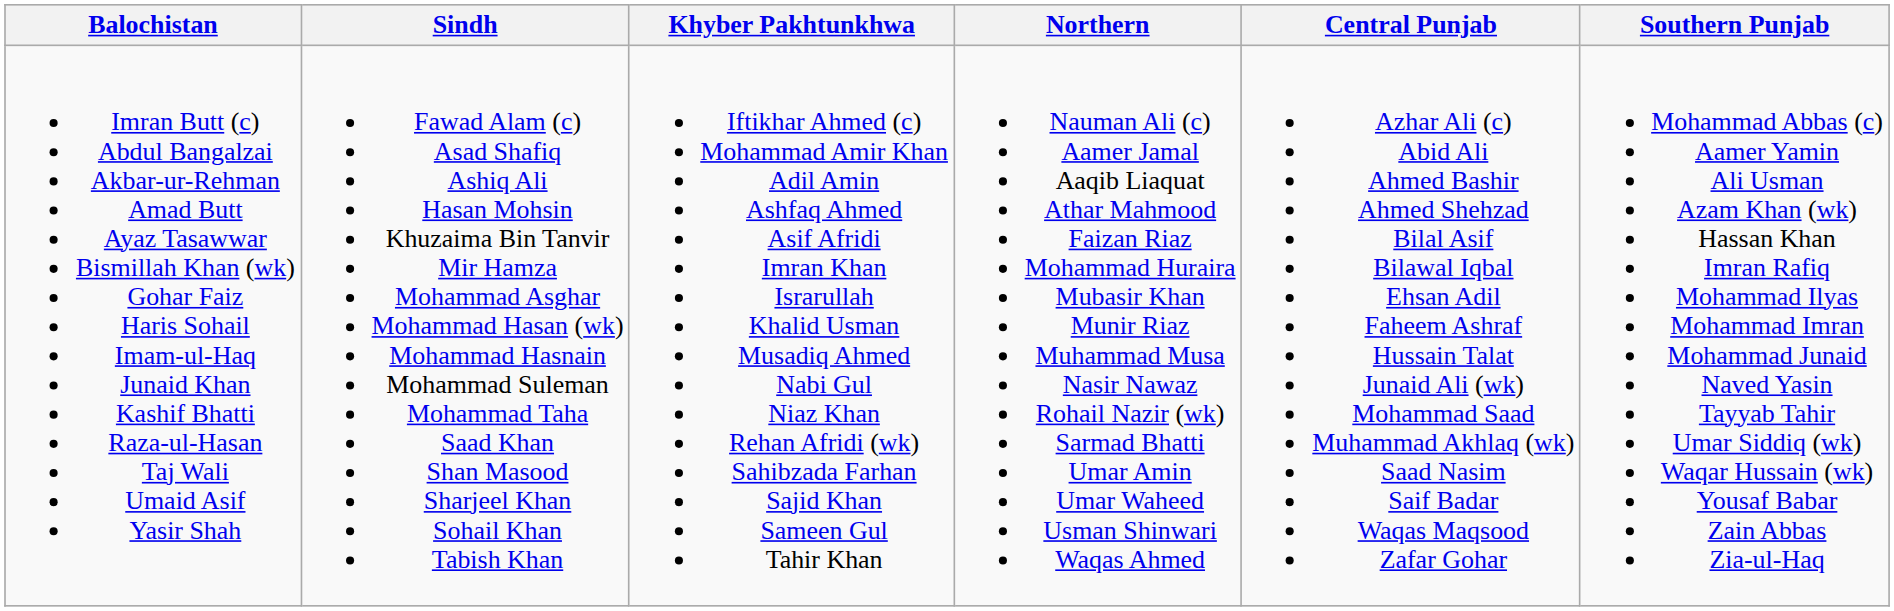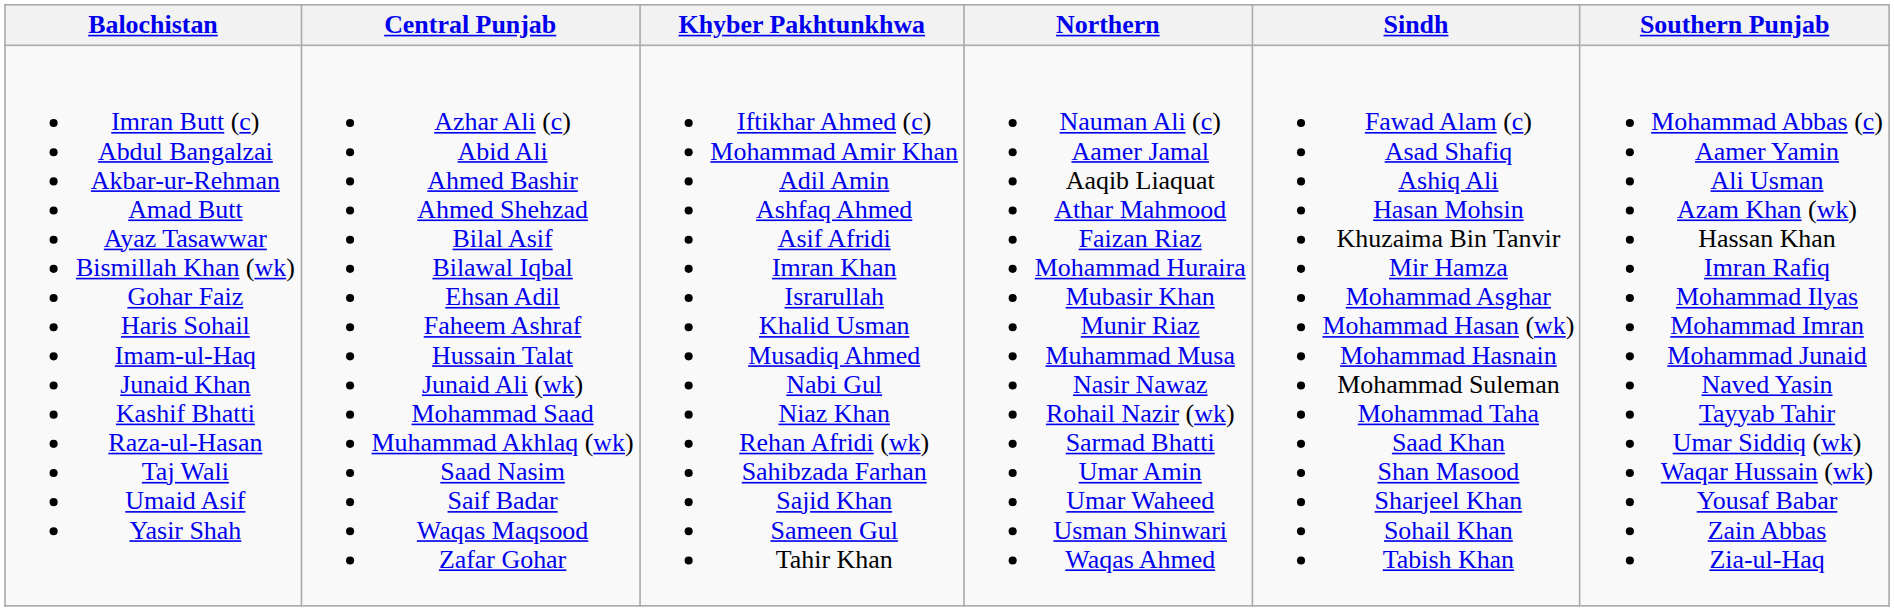 <table class="wikitable" style="text-align:center; margin:auto">
 <tr>
 <th><a href='#'>Balochistan</a></th>
-<th><a href='#'>Sindh</a></th>
+<th><a href='#'>Central Punjab</a></th>
 <th><a href='#'>Khyber Pakhtunkhwa</a></th>
 <th><a href='#'>Northern</a></th>
-<th><a href='#'>Central Punjab</a></th>
+<th><a href='#'>Sindh</a></th>
 <th><a href='#'>Southern Punjab</a></th>
 </tr>
 <tr style="vertical-align:top">
 <td><br><ul><li><a href='#'>Imran Butt</a> (<a href='#'>c</a>)</li><li><a href='#'>Abdul Bangalzai</a></li><li><a href='#'>Akbar-ur-Rehman</a></li><li><a href='#'>Amad Butt</a></li><li><a href='#'>Ayaz Tasawwar</a></li><li><a href='#'>Bismillah Khan</a> (<a href='#'>wk</a>)</li><li><a href='#'>Gohar Faiz</a></li><li><a href='#'>Haris Sohail</a></li><li><a href='#'>Imam-ul-Haq</a></li><li><a href='#'>Junaid Khan</a></li><li><a href='#'>Kashif Bhatti</a></li><li><a href='#'>Raza-ul-Hasan</a></li><li><a href='#'>Taj Wali</a></li><li><a href='#'>Umaid Asif</a></li><li><a href='#'>Yasir Shah</a></li></ul></td>
-<td><br><ul><li><a href='#'>Fawad Alam</a> (<a href='#'>c</a>)</li><li><a href='#'>Asad Shafiq</a></li><li><a href='#'>Ashiq Ali</a></li><li><a href='#'>Hasan Mohsin</a></li><li>Khuzaima Bin Tanvir</li><li><a href='#'>Mir Hamza</a></li><li><a href='#'>Mohammad Asghar</a></li><li><a href='#'>Mohammad Hasan</a> (<a href='#'>wk</a>)</li><li><a href='#'>Mohammad Hasnain</a></li><li>Mohammad Suleman</li><li><a href='#'>Mohammad Taha</a></li><li><a href='#'>Saad Khan</a></li><li><a href='#'>Shan Masood</a></li><li><a href='#'>Sharjeel Khan</a></li><li><a href='#'>Sohail Khan</a></li><li><a href='#'>Tabish Khan</a></li></ul></td>
+<td><br><ul><li><a href='#'>Azhar Ali</a> (<a href='#'>c</a>)</li><li><a href='#'>Abid Ali</a></li><li><a href='#'>Ahmed Bashir</a></li><li><a href='#'>Ahmed Shehzad</a></li><li><a href='#'>Bilal Asif</a></li><li><a href='#'>Bilawal Iqbal</a></li><li><a href='#'>Ehsan Adil</a></li><li><a href='#'>Faheem Ashraf</a></li><li><a href='#'>Hussain Talat</a></li><li><a href='#'>Junaid Ali</a> (<a href='#'>wk</a>)</li><li><a href='#'>Mohammad Saad</a></li><li><a href='#'>Muhammad Akhlaq</a> (<a href='#'>wk</a>)</li><li><a href='#'>Saad Nasim</a></li><li><a href='#'>Saif Badar</a></li><li><a href='#'>Waqas Maqsood</a></li><li><a href='#'>Zafar Gohar</a></li></ul></td>
 <td><br><ul><li><a href='#'>Iftikhar Ahmed</a> (<a href='#'>c</a>)</li><li><a href='#'>Mohammad Amir Khan</a></li><li><a href='#'>Adil Amin</a></li><li><a href='#'>Ashfaq Ahmed</a></li><li><a href='#'>Asif Afridi</a></li><li><a href='#'>Imran Khan</a></li><li><a href='#'>Israrullah</a></li><li><a href='#'>Khalid Usman</a></li><li><a href='#'>Musadiq Ahmed</a></li><li><a href='#'>Nabi Gul</a></li><li><a href='#'>Niaz Khan</a></li><li><a href='#'>Rehan Afridi</a> (<a href='#'>wk</a>)</li><li><a href='#'>Sahibzada Farhan</a></li><li><a href='#'>Sajid Khan</a></li><li><a href='#'>Sameen Gul</a></li><li>Tahir Khan</li></ul></td>
 <td><br><ul><li><a href='#'>Nauman Ali</a> (<a href='#'>c</a>)</li><li><a href='#'>Aamer Jamal</a></li><li>Aaqib Liaquat</li><li><a href='#'>Athar Mahmood</a></li><li><a href='#'>Faizan Riaz</a></li><li><a href='#'>Mohammad Huraira</a></li><li><a href='#'>Mubasir Khan</a></li><li><a href='#'>Munir Riaz</a></li><li><a href='#'>Muhammad Musa</a></li><li><a href='#'>Nasir Nawaz</a></li><li><a href='#'>Rohail Nazir</a> (<a href='#'>wk</a>)</li><li><a href='#'>Sarmad Bhatti</a></li><li><a href='#'>Umar Amin</a></li><li><a href='#'>Umar Waheed</a></li><li><a href='#'>Usman Shinwari</a></li><li><a href='#'>Waqas Ahmed</a></li></ul></td>
-<td><br><ul><li><a href='#'>Azhar Ali</a> (<a href='#'>c</a>)</li><li><a href='#'>Abid Ali</a></li><li><a href='#'>Ahmed Bashir</a></li><li><a href='#'>Ahmed Shehzad</a></li><li><a href='#'>Bilal Asif</a></li><li><a href='#'>Bilawal Iqbal</a></li><li><a href='#'>Ehsan Adil</a></li><li><a href='#'>Faheem Ashraf</a></li><li><a href='#'>Hussain Talat</a></li><li><a href='#'>Junaid Ali</a> (<a href='#'>wk</a>)</li><li><a href='#'>Mohammad Saad</a></li><li><a href='#'>Muhammad Akhlaq</a> (<a href='#'>wk</a>)</li><li><a href='#'>Saad Nasim</a></li><li><a href='#'>Saif Badar</a></li><li><a href='#'>Waqas Maqsood</a></li><li><a href='#'>Zafar Gohar</a></li></ul></td>
+<td><br><ul><li><a href='#'>Fawad Alam</a> (<a href='#'>c</a>)</li><li><a href='#'>Asad Shafiq</a></li><li><a href='#'>Ashiq Ali</a></li><li><a href='#'>Hasan Mohsin</a></li><li>Khuzaima Bin Tanvir</li><li><a href='#'>Mir Hamza</a></li><li><a href='#'>Mohammad Asghar</a></li><li><a href='#'>Mohammad Hasan</a> (<a href='#'>wk</a>)</li><li><a href='#'>Mohammad Hasnain</a></li><li>Mohammad Suleman</li><li><a href='#'>Mohammad Taha</a></li><li><a href='#'>Saad Khan</a></li><li><a href='#'>Shan Masood</a></li><li><a href='#'>Sharjeel Khan</a></li><li><a href='#'>Sohail Khan</a></li><li><a href='#'>Tabish Khan</a></li></ul></td>
 <td><br><ul><li><a href='#'>Mohammad Abbas</a> (<a href='#'>c</a>)</li><li><a href='#'>Aamer Yamin</a></li><li><a href='#'>Ali Usman</a></li><li><a href='#'>Azam Khan</a> (<a href='#'>wk</a>)</li><li>Hassan Khan</li><li><a href='#'>Imran Rafiq</a></li><li><a href='#'>Mohammad Ilyas</a></li><li><a href='#'>Mohammad Imran</a></li><li><a href='#'>Mohammad Junaid</a></li><li><a href='#'>Naved Yasin</a></li><li><a href='#'>Tayyab Tahir</a></li><li><a href='#'>Umar Siddiq</a> (<a href='#'>wk</a>)</li><li><a href='#'>Waqar Hussain</a> (<a href='#'>wk</a>)</li><li><a href='#'>Yousaf Babar</a></li><li><a href='#'>Zain Abbas</a></li><li><a href='#'>Zia-ul-Haq</a></li></ul></td>
 </tr>
 </table>
